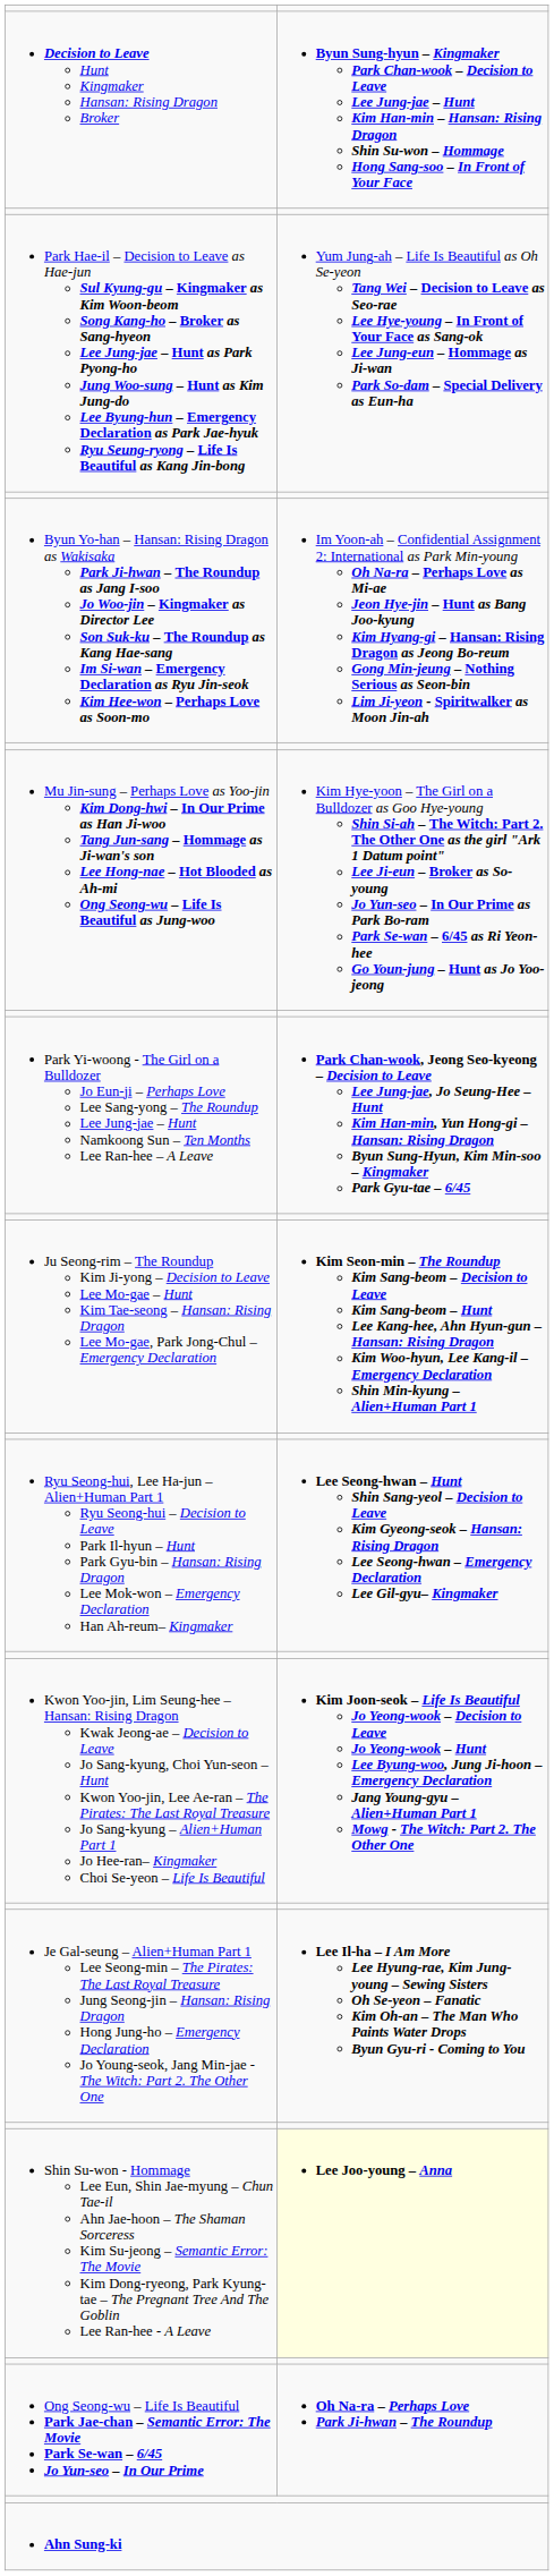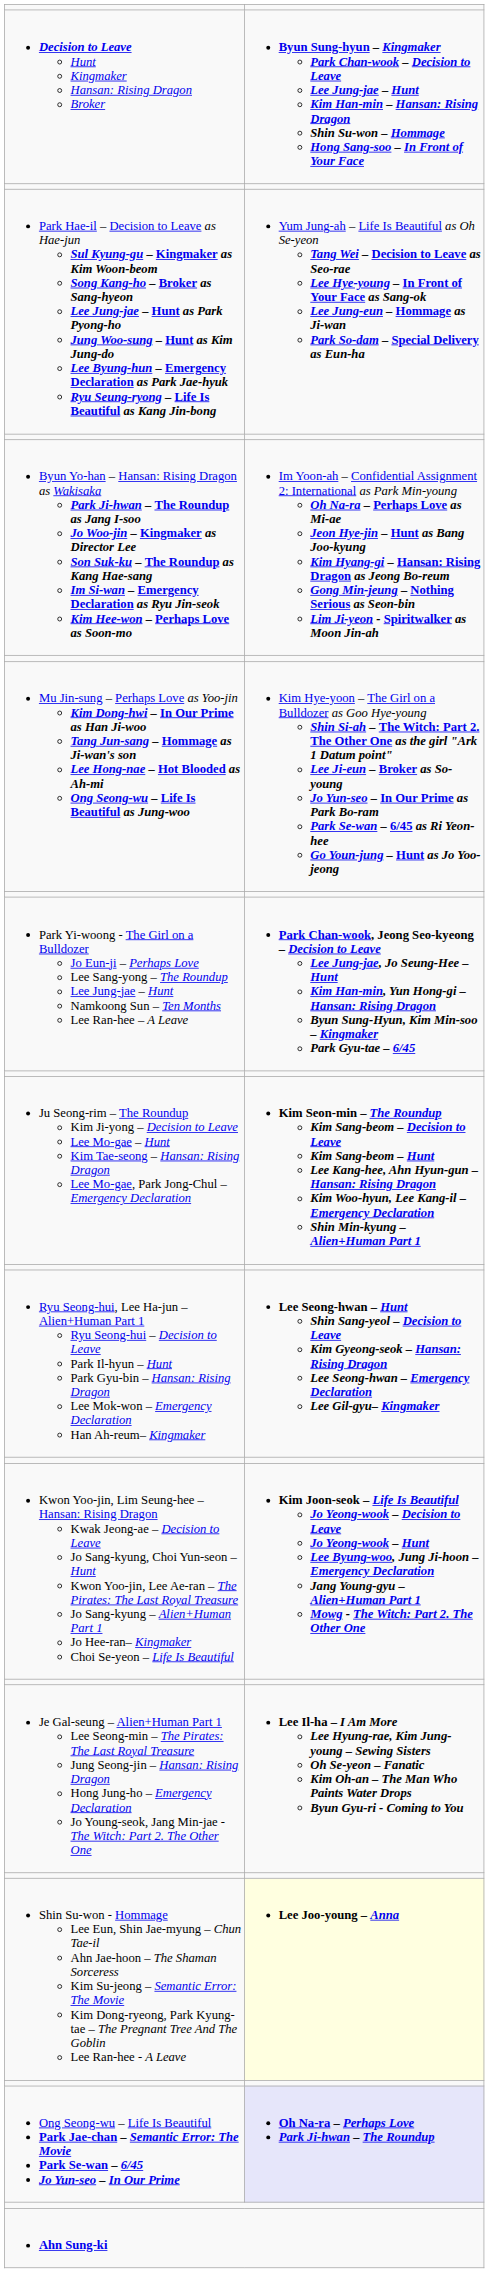 <table class="wikitable">
 <tr>
 <td style="vertical-align:top; width:50%;"></td>
 <td style="vertical-align:top; width:50%;"></td>
 </tr>
 <tr>
 <td valign="top"><br><ul><li><strong><em><a href='#'>Decision to Leave</a></em></strong><ul><li><em><a href='#'>Hunt</a></em></li><li><em><a href='#'>Kingmaker</a></em></li><li><em><a href='#'>Hansan: Rising Dragon</a></em></li><li><em><a href='#'>Broker</a></em></li></ul></li></ul></td>
 <td valign="top"><br><ul><li><strong><a href='#'>Byun Sung-hyun</a> – <em><a href='#'>Kingmaker</a><strong><em><ul><li><a href='#'>Park Chan-wook</a> – </em><a href='#'>Decision to Leave</a><em></li><li><a href='#'>Lee Jung-jae</a> – </em><a href='#'>Hunt</a><em></li><li><a href='#'>Kim Han-min</a> – </em><a href='#'>Hansan: Rising Dragon</a><em></li><li>Shin Su-won – </em><a href='#'>Hommage</a><em></li><li><a href='#'>Hong Sang-soo</a> – </em><a href='#'>In Front of Your Face</a><em></li></ul></li></ul></td>
 </tr>
 <tr>
 <td style="vertical-align:top; width:50%;"></td>
 <td style="vertical-align:top; width:50%;"></td>
 </tr>
 <tr>
 <td valign="top"><br><ul><li></strong><a href='#'>Park Hae-il</a> – </em><a href='#'>Decision to Leave</a><em> as Hae-jun<strong><ul><li><a href='#'>Sul Kyung-gu</a> – </em><a href='#'>Kingmaker</a><em> as Kim Woon-beom</li><li><a href='#'>Song Kang-ho</a> – </em><a href='#'>Broker</a><em> as Sang-hyeon</li><li><a href='#'>Lee Jung-jae</a> – </em><a href='#'>Hunt</a><em> as Park Pyong-ho</li><li><a href='#'>Jung Woo-sung</a> – </em><a href='#'>Hunt</a><em> as Kim Jung-do</li><li><a href='#'>Lee Byung-hun</a> – </em><a href='#'>Emergency Declaration</a><em> as Park Jae-hyuk</li><li><a href='#'>Ryu Seung-ryong</a> – </em><a href='#'>Life Is Beautiful</a><em> as Kang Jin-bong</li></ul></li></ul></td>
 <td valign="top"><br><ul><li></strong><a href='#'>Yum Jung-ah</a> – </em><a href='#'>Life Is Beautiful</a><em> as Oh Se-yeon<strong><ul><li><a href='#'>Tang Wei</a> – </em><a href='#'>Decision to Leave</a><em> as Seo-rae</li><li><a href='#'>Lee Hye-young</a> – </em><a href='#'>In Front of Your Face</a><em> as Sang-ok</li><li><a href='#'>Lee Jung-eun</a> – </em><a href='#'>Hommage</a><em> as Ji-wan</li><li><a href='#'>Park So-dam</a> – </em><a href='#'>Special Delivery</a><em> as Eun-ha</li></ul></li></ul></td>
 </tr>
 <tr>
 <td style="vertical-align:top; width:50%;"></td>
 <td style="vertical-align:top; width:50%;"></td>
 </tr>
 <tr>
 <td valign="top"><br><ul><li></strong><a href='#'>Byun Yo-han</a> – </em><a href='#'>Hansan: Rising Dragon</a><em> as <a href='#'>Wakisaka</a><strong><ul><li><a href='#'>Park Ji-hwan</a> – </em><a href='#'>The Roundup</a><em> as Jang I-soo</li><li><a href='#'>Jo Woo-jin</a> – </em><a href='#'>Kingmaker</a><em> as Director Lee</li><li><a href='#'>Son Suk-ku</a> – </em><a href='#'>The Roundup</a><em> as Kang Hae-sang</li><li><a href='#'>Im Si-wan</a> – </em><a href='#'>Emergency Declaration</a><em> as Ryu Jin-seok</li><li><a href='#'>Kim Hee-won</a> – </em><a href='#'>Perhaps Love</a><em> as Soon-mo</li></ul></li></ul></td>
 <td valign="top"><br><ul><li></strong><a href='#'>Im Yoon-ah</a> – </em><a href='#'>Confidential Assignment 2: International</a><em> as Park Min-young<strong><ul><li><a href='#'>Oh Na-ra</a> – </em><a href='#'>Perhaps Love</a><em> as Mi-ae</li><li><a href='#'>Jeon Hye-jin</a> – </em><a href='#'>Hunt</a><em> as Bang Joo-kyung</li><li><a href='#'>Kim Hyang-gi</a> – </em><a href='#'>Hansan: Rising Dragon</a><em> as  Jeong Bo-reum</li><li><a href='#'>Gong Min-jeung</a> – </em><a href='#'>Nothing Serious</a><em> as Seon-bin</li><li><a href='#'>Lim Ji-yeon</a> - </em><a href='#'>Spiritwalker</a><em> as Moon Jin-ah</li></ul></li></ul></td>
 </tr>
 <tr>
 <td style="vertical-align:top; width:50%;"></td>
 <td style="vertical-align:top; width:50%;"></td>
 </tr>
 <tr>
 <td valign="top"><br><ul><li></strong><a href='#'>Mu Jin-sung</a> – </em><a href='#'>Perhaps Love</a><em> as Yoo-jin <strong><ul><li><a href='#'>Kim Dong-hwi</a> – </em><a href='#'>In Our Prime</a><em> as  Han Ji-woo</li><li><a href='#'>Tang Jun-sang</a> – </em><a href='#'>Hommage</a><em> as Ji-wan's son</li><li><a href='#'>Lee Hong-nae</a> – </em><a href='#'>Hot Blooded</a><em> as Ah-mi</li><li><a href='#'>Ong Seong-wu</a> – </em><a href='#'>Life Is Beautiful</a><em> as Jung-woo</li></ul></li></ul></td>
 <td valign="top"><br><ul><li></strong><a href='#'>Kim Hye-yoon</a> – </em><a href='#'>The Girl on a Bulldozer</a><em> as Goo Hye-young <strong><ul><li><a href='#'>Shin Si-ah</a> – </em><a href='#'>The Witch: Part 2. The Other One</a><em> as the girl "Ark 1 Datum point"</li><li><a href='#'>Lee Ji-eun</a> – </em><a href='#'>Broker</a><em> as So-young</li><li><a href='#'>Jo Yun-seo</a> – </em><a href='#'>In Our Prime</a><em> as Park Bo-ram</li><li><a href='#'>Park Se-wan</a> – </em><a href='#'>6/45</a><em> as Ri Yeon-hee</li><li><a href='#'>Go Youn-jung</a> – </em><a href='#'>Hunt</a><em> as Jo Yoo-jeong</li></ul></li></ul></td>
 </tr>
 <tr>
 <td style="vertical-align:top; width:50%;"></td>
 <td style="vertical-align:top; width:50%;"></td>
 </tr>
 <tr>
 <td valign="top"><br><ul><li></strong>Park Yi-woong - </em><a href='#'>The Girl on a Bulldozer</a></em></strong><ul><li><a href='#'>Jo Eun-ji</a> – <em><a href='#'>Perhaps Love</a></em></li><li>Lee Sang-yong – <em><a href='#'>The Roundup</a></em></li><li><a href='#'>Lee Jung-jae</a> – <em><a href='#'>Hunt</a></em></li><li>Namkoong Sun – <em><a href='#'>Ten Months</a></em></li><li>Lee Ran-hee – <em>A Leave</em></li></ul></li></ul></td>
 <td valign="top"><br><ul><li><strong><a href='#'>Park Chan-wook</a>, Jeong Seo-kyeong – <em><a href='#'>Decision to Leave</a><strong><em><ul><li><a href='#'>Lee Jung-jae</a>, Jo Seung-Hee – </em><a href='#'>Hunt</a><em></li><li><a href='#'>Kim Han-min</a>, Yun Hong-gi – </em><a href='#'>Hansan: Rising Dragon</a><em></li><li>Byun Sung-Hyun, Kim Min-soo – </em><a href='#'>Kingmaker</a><em></li><li>Park Gyu-tae – </em><a href='#'>6/45</a><em></li></ul></li></ul></td>
 </tr>
 <tr>
 <td style="vertical-align:top; width:50%;"></td>
 <td style="vertical-align:top; width:50%;"></td>
 </tr>
 <tr>
 <td valign="top"><br><ul><li></strong>Ju Seong-rim – </em><a href='#'>The Roundup</a></em></strong><ul><li>Kim Ji-yong – <em><a href='#'>Decision to Leave</a></em></li><li><a href='#'>Lee Mo-gae</a> – <em><a href='#'>Hunt</a></em></li><li><a href='#'>Kim Tae-seong</a> – <em><a href='#'>Hansan: Rising Dragon</a></em></li><li><a href='#'>Lee Mo-gae</a>, Park Jong-Chul – <em><a href='#'>Emergency Declaration</a></em></li></ul></li></ul></td>
 <td valign="top"><br><ul><li><strong>Kim Seon-min – <em><a href='#'>The Roundup</a><strong><em><ul><li>Kim Sang-beom – </em><a href='#'>Decision to Leave</a><em></li><li>Kim Sang-beom – </em><a href='#'>Hunt</a><em></li><li>Lee Kang-hee, Ahn Hyun-gun – </em><a href='#'>Hansan: Rising Dragon</a><em></li><li>Kim Woo-hyun, Lee Kang-il – </em><a href='#'>Emergency Declaration</a><em></li><li>Shin Min-kyung – </em><a href='#'>Alien+Human Part 1</a><em></li></ul></li></ul></td>
 </tr>
 <tr>
 <td style="vertical-align:top; width:50%;"></td>
 <td style="vertical-align:top; width:50%;"></td>
 </tr>
 <tr>
 <td valign="top"><br><ul><li></strong><a href='#'>Ryu Seong-hui</a>, Lee Ha-jun – </em><a href='#'>Alien+Human Part 1</a></em></strong><ul><li><a href='#'>Ryu Seong-hui</a> – <em><a href='#'>Decision to Leave</a></em></li><li>Park Il-hyun – <em><a href='#'>Hunt</a></em></li><li>Park Gyu-bin – <em><a href='#'>Hansan: Rising Dragon</a></em></li><li>Lee Mok-won – <em><a href='#'>Emergency Declaration</a></em></li><li>Han Ah-reum– <em><a href='#'>Kingmaker</a></em></li></ul></li></ul></td>
 <td valign="top"><br><ul><li><strong>Lee Seong-hwan – <em><a href='#'>Hunt</a><strong><em><ul><li>Shin Sang-yeol – </em><a href='#'>Decision to Leave</a><em></li><li>Kim Gyeong-seok – </em><a href='#'>Hansan: Rising Dragon</a><em></li><li>Lee Seong-hwan – </em><a href='#'>Emergency Declaration</a><em></li><li>Lee Gil-gyu– </em><a href='#'>Kingmaker</a><em></li></ul></li></ul></td>
 </tr>
 <tr>
 <td style="vertical-align:top; width:50%;"></td>
 <td style="vertical-align:top; width:50%;"></td>
 </tr>
 <tr>
 <td valign="top"><br><ul><li></strong>Kwon Yoo-jin, Lim Seung-hee – </em><a href='#'>Hansan: Rising Dragon</a></em></strong><ul><li>Kwak Jeong-ae – <em><a href='#'>Decision to Leave</a></em></li><li>Jo Sang-kyung, Choi Yun-seon – <em><a href='#'>Hunt</a></em></li><li>Kwon Yoo-jin, Lee Ae-ran – <em><a href='#'>The Pirates: The Last Royal Treasure</a></em></li><li>Jo Sang-kyung – <em><a href='#'>Alien+Human Part 1</a></em></li><li>Jo Hee-ran– <em><a href='#'>Kingmaker</a></em></li><li>Choi Se-yeon – <em><a href='#'>Life Is Beautiful</a></em></li></ul></li></ul></td>
 <td valign="top"><br><ul><li><strong>Kim Joon-seok – <em><a href='#'>Life Is Beautiful</a><strong><em><ul><li><a href='#'>Jo Yeong-wook</a> – </em><a href='#'>Decision to Leave</a><em></li><li><a href='#'>Jo Yeong-wook</a> – </em><a href='#'>Hunt</a><em></li><li><a href='#'>Lee Byung-woo</a>, Jung Ji-hoon – </em><a href='#'>Emergency Declaration</a><em></li><li>Jang Young-gyu – </em><a href='#'>Alien+Human Part 1</a><em></li><li><a href='#'>Mowg</a> - </em><a href='#'>The Witch: Part 2. The Other One</a><em></li></ul></li></ul></td>
 </tr>
 <tr>
 <td style="vertical-align:top; width:50%;"></td>
 <td style="vertical-align:top; width:50%;"></td>
 </tr>
 <tr>
 <td valign="top"><br><ul><li></strong>Je Gal-seung – </em><a href='#'>Alien+Human Part 1</a></em></strong><ul><li>Lee Seong-min – <em><a href='#'>The Pirates: The Last Royal Treasure</a></em></li><li>Jung Seong-jin – <em><a href='#'>Hansan: Rising Dragon</a></em></li><li>Hong Jung-ho – <em><a href='#'>Emergency Declaration</a></em></li><li>Jo Young-seok, Jang Min-jae - <em><a href='#'>The Witch: Part 2. The Other One</a></em></li></ul></li></ul></td>
 <td valign="top"><br><ul><li><strong>Lee Il-ha – <em>I Am More<strong><em><ul><li>Lee Hyung-rae, Kim Jung-young – </em>Sewing Sisters<em></li><li>Oh Se-yeon – </em>Fanatic<em></li><li>Kim Oh-an – </em>The Man Who Paints Water Drops<em></li><li>Byun Gyu-ri - </em>Coming to You<em></li></ul></li></ul></td>
 </tr>
 <tr>
 <td style="vertical-align:top; width:50%;"></td>
 <td style="vertical-align:top; width:50%;"></td>
 </tr>
 <tr>
 <td valign="top"><br><ul><li></strong>Shin Su-won</em> - <a href='#'>Hommage</a></em></strong><ul><li>Lee Eun, Shin Jae-myung – <em>Chun Tae-il</em></li><li>Ahn Jae-hoon – <em>The Shaman Sorceress</em></li><li>Kim Su-jeong – <em><a href='#'>Semantic Error: The Movie</a></em></li><li>Kim Dong-ryeong, Park Kyung-tae – <em>The Pregnant Tree And The Goblin</em></li><li>Lee Ran-hee - <em>A Leave</em></li></ul></li></ul></td>
 <td valign="top" style="background: lightyellow;"><br><ul><li><strong>Lee Joo-young – <em><a href='#'>Anna</a><strong><em></li></ul></td>
 </tr>
 <tr>
 <td style="vertical-align:top; width:50%;"></td>
 <td style="vertical-align:top; width:50%;"></td>
 </tr>
 <tr>
 <td valign="top"><br><ul><li></strong><a href='#'>Ong Seong-wu</a> – </em><a href='#'>Life Is Beautiful</a></em></strong></li><li><strong><a href='#'>Park Jae-chan</a> – <em><a href='#'>Semantic Error: The Movie</a></em> </strong></li><li><strong><a href='#'>Park Se-wan</a> – <em><a href='#'>6/45</a><strong><em></li><li></strong><a href='#'>Jo Yun-seo</a> – </em><a href='#'>In Our Prime</a></em></strong></li></ul></td>
-<td valign="top"><br><ul><li><strong><a href='#'>Oh Na-ra</a> – <em><a href='#'>Perhaps Love</a><strong><em></li><li></strong><a href='#'>Park Ji-hwan</a> – </em><a href='#'>The Roundup</a></em></strong></li></ul></td>
+<td valign="top" style="background: lavender;"><br><ul><li><strong><a href='#'>Oh Na-ra</a> – <em><a href='#'>Perhaps Love</a><strong><em></li><li></strong><a href='#'>Park Ji-hwan</a> – </em><a href='#'>The Roundup</a></em></strong></li></ul></td>
 </tr>
 <tr>
 <td colspan=2 style="vertical-align:top; width:50%;"></td>
 </tr>
 <tr>
 <td colspan=2 valign="top"><br><ul><li><strong><a href='#'>Ahn Sung-ki</a></strong></li></ul></td>
 </tr>
 </table>
